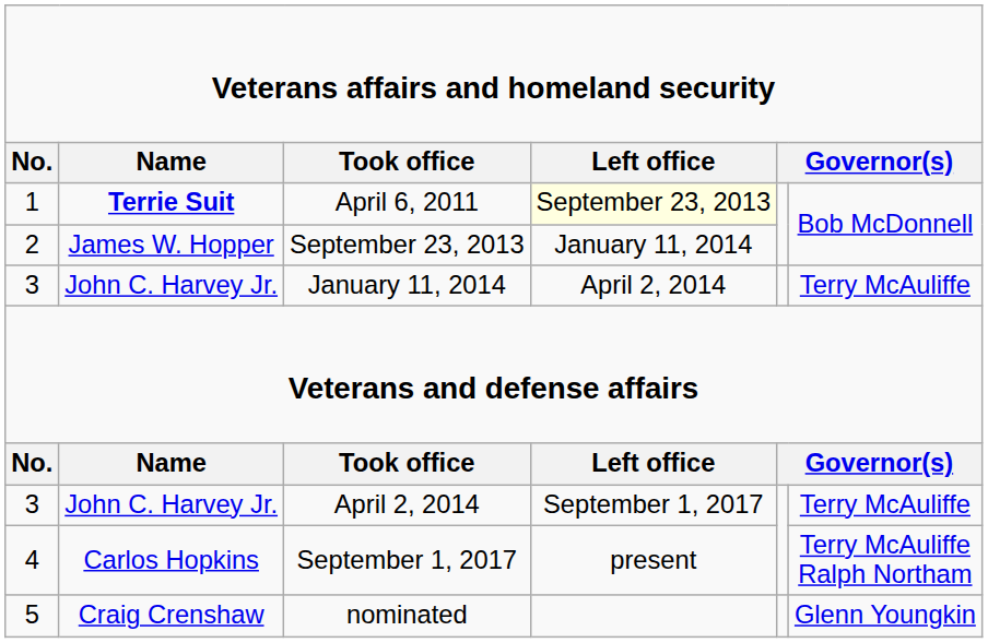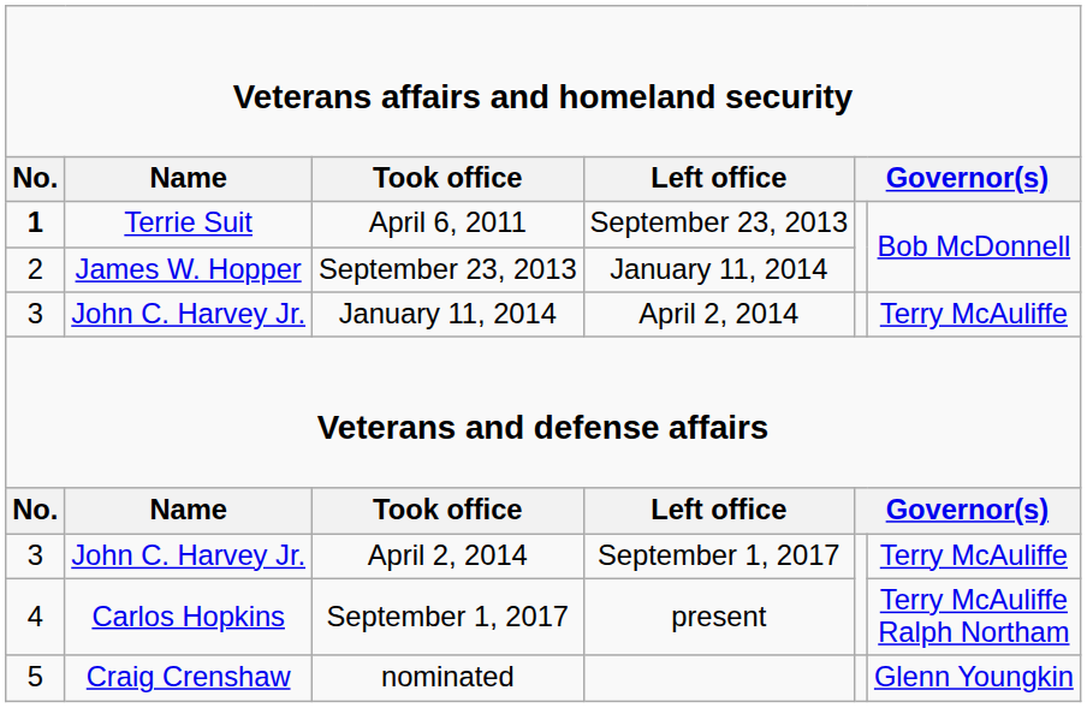 <table class="wikitable" style="clear:right; text-align:center">
 <tr>
 <td colspan=7><br><h3>Veterans affairs and homeland security</h3></td>
 </tr>
 <tr>
 <th>No.</th>
 <th>Name</th>
 <th>Took office</th>
 <th>Left office</th>
 <th colspan=2><a href='#'>Governor(s)</a></th>
 </tr>
 <tr>
-<td>1</td>
-<td><strong><a href='#'>Terrie Suit</a></strong></td>
+<td><strong>1</strong></td>
+<td><a href='#'>Terrie Suit</a></td>
 <td>April 6, 2011</td>
-<td style="background: lightyellow;">September 23, 2013</td>
+<td>September 23, 2013</td>
 <td rowspan=2 style="background: "></td>
 <td rowspan=2><a href='#'>Bob McDonnell</a></td>
 </tr>
 <tr>
 <td>2</td>
 <td><a href='#'>James W. Hopper</a></td>
 <td>September 23, 2013</td>
 <td>January 11, 2014</td>
 </tr>
 <tr>
 <td>3</td>
 <td><a href='#'>John C. Harvey Jr.</a></td>
 <td>January 11, 2014</td>
 <td>April 2, 2014</td>
 <td style="background: "></td>
 <td><a href='#'>Terry McAuliffe</a></td>
 </tr>
 <tr>
 <td colspan=7><br><h3>Veterans and defense affairs</h3></td>
 </tr>
 <tr>
 <th>No.</th>
 <th>Name</th>
 <th>Took office</th>
 <th>Left office</th>
 <th colspan="2"><a href='#'>Governor(s)</a></th>
 </tr>
 <tr>
 <td>3</td>
 <td><a href='#'>John C. Harvey Jr.</a></td>
 <td>April 2, 2014</td>
 <td>September 1, 2017</td>
 <td rowspan=2 style="background: "></td>
 <td rowspan=1><a href='#'>Terry McAuliffe</a></td>
 </tr>
 <tr>
 <td>4</td>
 <td><a href='#'>Carlos Hopkins</a></td>
 <td>September 1, 2017</td>
 <td>present</td>
 <td rowspan=1><a href='#'>Terry McAuliffe</a><br><a href='#'>Ralph Northam</a></td>
 </tr>
 <tr>
 <td>5</td>
 <td><a href='#'>Craig Crenshaw</a></td>
 <td>nominated</td>
 <td></td>
 <td rowspan=1 style="background: "></td>
 <td rowspan=1><a href='#'>Glenn Youngkin</a></td>
 </tr>
 </table>
